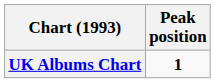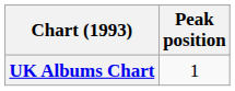 <table class="wikitable plainrowheaders">
 <tr>
 <th>Chart (1993)</th>
 <th>Peak<br>position</th>
 </tr>
 <tr>
 <th scope="row"><a href='#'>UK Albums Chart</a></th>
-<td align=center><strong>1</strong></td>
+<td align=center>1</td>
 </tr>
 </table>
